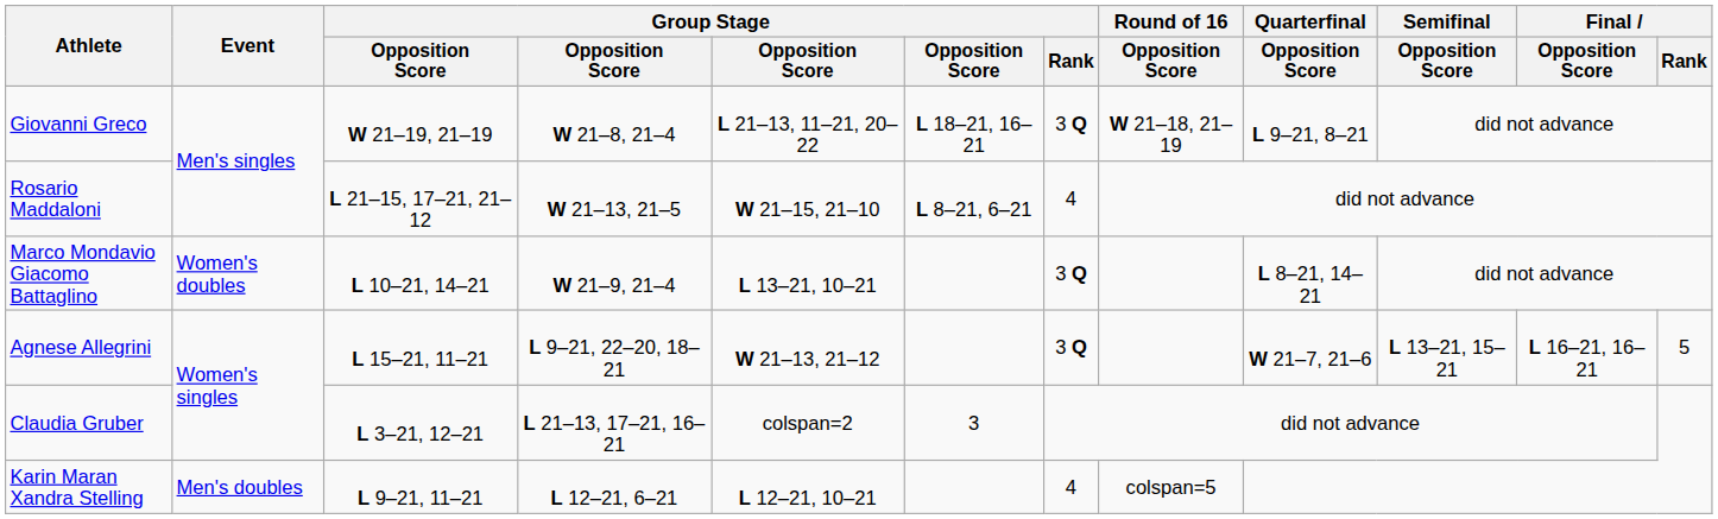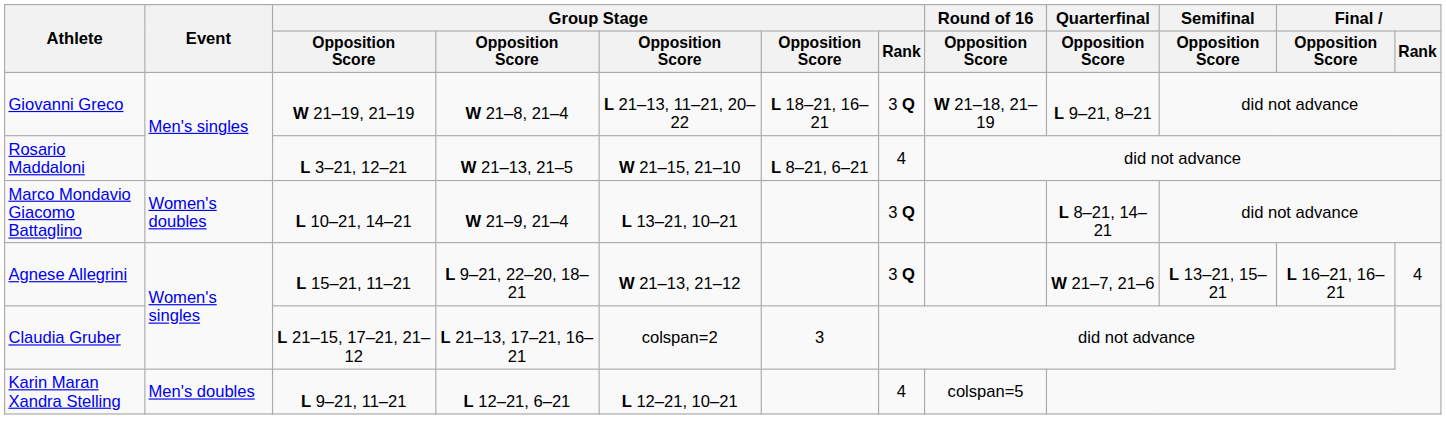 <table class="wikitable" style="font-size:90%">
 <tr>
 <th rowspan=2>Athlete</th>
 <th rowspan=2>Event</th>
 <th colspan=5>Group Stage</th>
 <th>Round of 16</th>
 <th>Quarterfinal</th>
 <th>Semifinal</th>
 <th colspan=2>Final / </th>
 </tr>
 <tr style="font-size:95%">
 <th>Opposition<br>Score</th>
 <th>Opposition<br>Score</th>
 <th>Opposition<br>Score</th>
 <th>Opposition<br>Score</th>
 <th>Rank</th>
 <th>Opposition<br>Score</th>
 <th>Opposition<br>Score</th>
 <th>Opposition<br>Score</th>
 <th>Opposition<br>Score</th>
 <th>Rank</th>
 </tr>
 <tr align=center>
 <td align=left><a href='#'>Giovanni Greco</a></td>
 <td align=left rowspan=2><a href='#'>Men's singles</a></td>
 <td><br><strong>W</strong> 21–19, 21–19</td>
 <td><br><strong>W</strong> 21–8, 21–4</td>
 <td><br><strong>L</strong> 21–13, 11–21, 20–22</td>
 <td><br><strong>L</strong> 18–21, 16–21</td>
 <td>3 <strong>Q</strong></td>
 <td><br><strong>W</strong> 21–18, 21–19</td>
 <td><br><strong>L</strong> 9–21, 8–21</td>
 <td colspan=3>did not advance</td>
 </tr>
 <tr align=center>
 <td align=left><a href='#'>Rosario Maddaloni</a></td>
-<td><br><strong>L</strong> 21–15, 17–21, 21–12</td>
+<td><br><strong>L</strong> 3–21, 12–21</td>
 <td><br><strong>W</strong> 21–13, 21–5</td>
 <td><br><strong>W</strong> 21–15, 21–10</td>
 <td><br><strong>L</strong> 8–21, 6–21</td>
 <td>4</td>
 <td colspan=5>did not advance</td>
 </tr>
 <tr align=center>
 <td align=left><a href='#'>Marco Mondavio</a><br><a href='#'>Giacomo Battaglino</a></td>
 <td align=left><a href='#'>Women's doubles</a></td>
 <td><br><strong>L</strong> 10–21, 14–21</td>
 <td><br><strong>W</strong> 21–9, 21–4</td>
 <td><br><strong>L</strong> 13–21, 10–21</td>
 <td></td>
 <td>3 <strong>Q</strong></td>
 <td></td>
 <td><br><strong>L</strong> 8–21, 14–21</td>
 <td colspan=3>did not advance</td>
 </tr>
 <tr align=center>
 <td align=left><a href='#'>Agnese Allegrini</a></td>
 <td align=left rowspan=2><a href='#'>Women's singles</a></td>
 <td><br><strong>L</strong> 15–21, 11–21</td>
 <td><br><strong>L</strong> 9–21, 22–20, 18–21</td>
 <td><br><strong>W</strong> 21–13, 21–12</td>
 <td></td>
 <td>3 <strong>Q</strong></td>
 <td></td>
 <td><br><strong>W</strong> 21–7, 21–6</td>
 <td><br><strong>L</strong> 13–21, 15–21</td>
 <td><br><strong>L</strong> 16–21, 16–21</td>
-<td>5</td>
+<td>4</td>
 </tr>
 <tr align=center>
 <td align=left><a href='#'>Claudia Gruber</a></td>
-<td><br><strong>L</strong> 3–21, 12–21</td>
+<td><br><strong>L</strong> 21–15, 17–21, 21–12</td>
 <td><br><strong>L</strong> 21–13, 17–21, 16–21</td>
 <td>colspan=2 </td>
 <td>3</td>
 <td colspan=5>did not advance</td>
 </tr>
 <tr align=center>
 <td align=left><a href='#'>Karin Maran</a><br><a href='#'>Xandra Stelling</a></td>
 <td align=left><a href='#'>Men's doubles</a></td>
 <td><br><strong>L</strong> 9–21, 11–21</td>
 <td><br><strong>L</strong> 12–21, 6–21</td>
 <td><br><strong>L</strong> 12–21, 10–21</td>
 <td></td>
 <td>4</td>
 <td>colspan=5 </td>
 </tr>
 </table>
